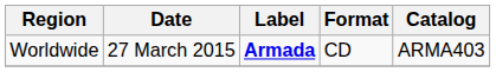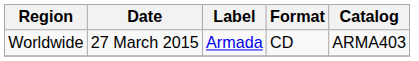 <table class=wikitable>
 <tr>
 <th>Region</th>
 <th>Date</th>
 <th>Label</th>
 <th>Format</th>
 <th>Catalog</th>
 </tr>
 <tr>
 <td>Worldwide</td>
 <td>27 March 2015</td>
-<td><strong><a href='#'>Armada</a></strong></td>
+<td><a href='#'>Armada</a></td>
 <td>CD</td>
 <td>ARMA403</td>
 </tr>
 <tr>
 </tr>
 </table>
